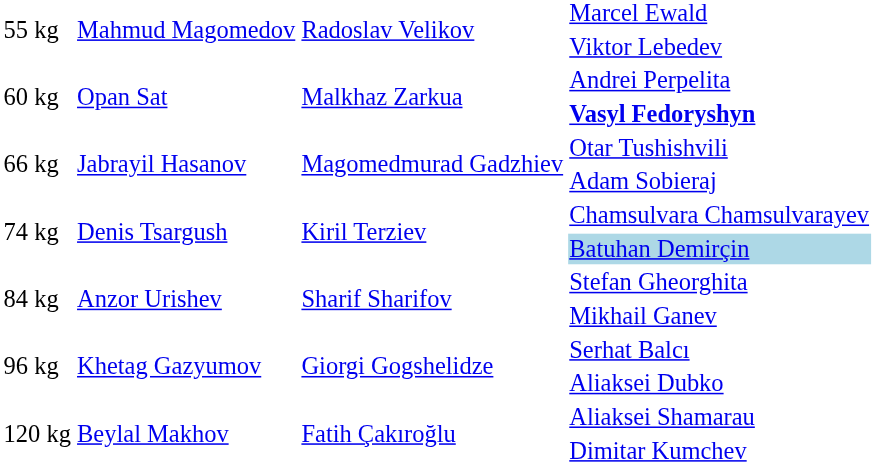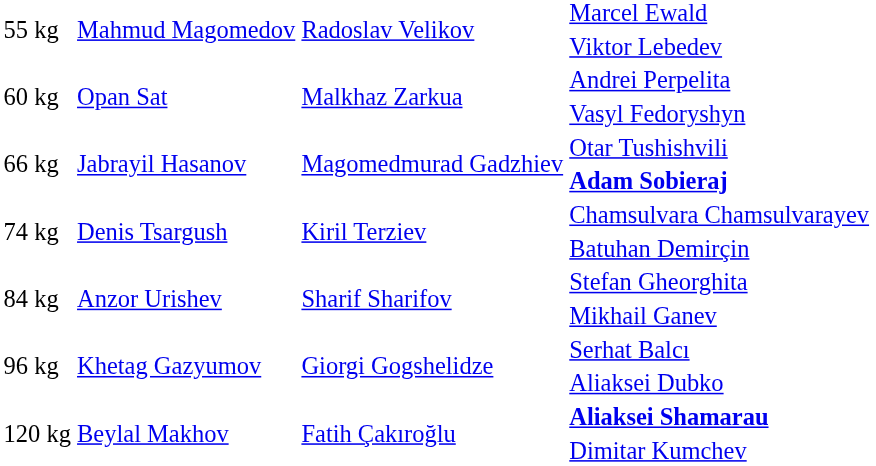 <table>
 <tr>
 <td rowspan=2>55 kg</td>
 <td rowspan=2> <a href='#'>Mahmud Magomedov</a></td>
 <td rowspan=2> <a href='#'>Radoslav Velikov</a></td>
 <td>  <a href='#'>Marcel Ewald</a></td>
 </tr>
 <tr>
 <td> <a href='#'>Viktor Lebedev</a></td>
 </tr>
 <tr>
 <td rowspan=2>60 kg</td>
 <td rowspan=2> <a href='#'>Opan Sat</a></td>
 <td rowspan=2> <a href='#'>Malkhaz Zarkua</a></td>
 <td> <a href='#'>Andrei Perpelita</a></td>
 </tr>
 <tr>
-<td><strong> <a href='#'>Vasyl Fedoryshyn</a></strong></td>
+<td> <a href='#'>Vasyl Fedoryshyn</a></td>
 </tr>
 <tr>
 <td rowspan=2>66 kg</td>
 <td rowspan=2> <a href='#'>Jabrayil Hasanov</a></td>
 <td rowspan=2> <a href='#'>Magomedmurad Gadzhiev</a></td>
 <td> <a href='#'>Otar Tushishvili</a></td>
 </tr>
 <tr>
-<td> <a href='#'>Adam Sobieraj</a></td>
+<td><strong> <a href='#'>Adam Sobieraj</a></strong></td>
 </tr>
 <tr>
 <td rowspan=2>74 kg</td>
 <td rowspan=2> <a href='#'>Denis Tsargush</a></td>
 <td rowspan=2> <a href='#'>Kiril Terziev</a></td>
 <td> <a href='#'>Chamsulvara Chamsulvarayev</a></td>
 </tr>
 <tr>
-<td style="background: lightblue;"> <a href='#'>Batuhan Demirçin</a></td>
+<td> <a href='#'>Batuhan Demirçin</a></td>
 </tr>
 <tr>
 <td rowspan=2>84 kg</td>
 <td rowspan=2> <a href='#'>Anzor Urishev</a></td>
 <td rowspan=2> <a href='#'>Sharif Sharifov</a></td>
 <td> <a href='#'>Stefan Gheorghita</a></td>
 </tr>
 <tr>
 <td> <a href='#'>Mikhail Ganev</a></td>
 </tr>
 <tr>
 <td rowspan=2>96 kg</td>
 <td rowspan=2> <a href='#'>Khetag Gazyumov</a></td>
 <td rowspan=2> <a href='#'>Giorgi Gogshelidze</a></td>
 <td> <a href='#'>Serhat Balcı</a></td>
 </tr>
 <tr>
 <td> <a href='#'>Aliaksei Dubko</a></td>
 </tr>
 <tr>
 <td rowspan=2>120 kg</td>
 <td rowspan=2> <a href='#'>Beylal Makhov</a></td>
 <td rowspan=2> <a href='#'>Fatih Çakıroğlu</a></td>
-<td> <a href='#'>Aliaksei Shamarau</a></td>
+<td><strong> <a href='#'>Aliaksei Shamarau</a></strong></td>
 </tr>
 <tr>
 <td> <a href='#'>Dimitar Kumchev</a></td>
 </tr>
 </table>
